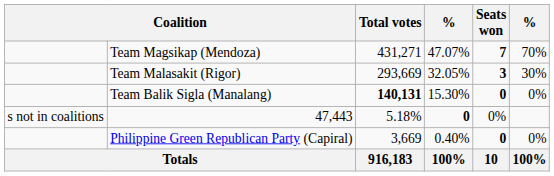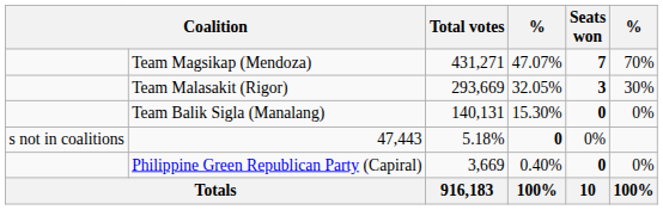 <table class=wikitable style="text-align:right;">
 <tr>
 <th colspan=2>Coalition</th>
 <th>Total votes</th>
 <th>%</th>
 <th>Seats<br>won</th>
 <th>%</th>
 </tr>
 <tr>
 <td></td>
 <td align=left>Team Magsikap (Mendoza)</td>
 <td>431,271</td>
 <td>47.07%</td>
 <td><strong>7</strong></td>
 <td>70%</td>
 </tr>
 <tr>
 <td></td>
 <td align=left>Team Malasakit (Rigor)</td>
 <td>293,669</td>
 <td>32.05%</td>
 <td><strong>3</strong></td>
 <td>30%</td>
 </tr>
 <tr>
 <td></td>
 <td align=left>Team Balik Sigla (Manalang)</td>
-<td><strong>140,131</strong></td>
+<td>140,131</td>
 <td>15.30%</td>
 <td><strong>0</strong></td>
 <td>0%</td>
 </tr>
 <tr>
 <td>s not in coalitions</td>
 <td>47,443</td>
 <td>5.18%</td>
 <td><strong>0</strong></td>
 <td>0%</td>
 </tr>
 <tr>
 <td></td>
 <td align=left><a href='#'>Philippine Green Republican Party</a> (Capiral)</td>
 <td>3,669</td>
 <td>0.40%</td>
 <td><strong>0</strong></td>
 <td>0%</td>
 </tr>
 <tr>
 <th colspan=2>Totals</th>
 <th>916,183</th>
 <th>100%</th>
 <th>10</th>
 <th>100%</th>
 </tr>
 </table>
